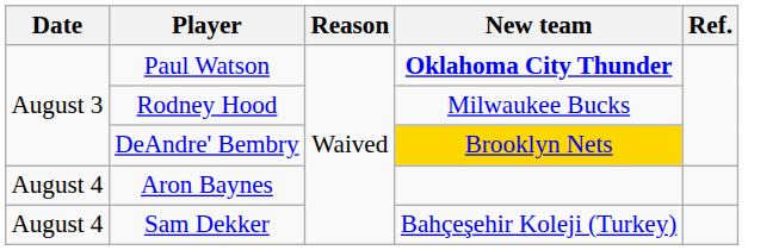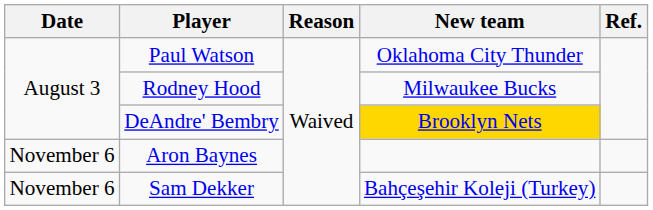 <table class="wikitable sortable sortable" style="text-align: center">
 <tr>
 <th>Date</th>
 <th>Player</th>
 <th>Reason</th>
 <th>New team</th>
 <th>Ref.</th>
 </tr>
 <tr>
 <td rowspan="3">August 3</td>
 <td><a href='#'>Paul Watson</a></td>
 <td rowspan="5">Waived</td>
-<td><strong><a href='#'>Oklahoma City Thunder</a></strong></td>
+<td><a href='#'>Oklahoma City Thunder</a></td>
 <td rowspan="3"></td>
 </tr>
 <tr>
 <td><a href='#'>Rodney Hood</a></td>
 <td><a href='#'>Milwaukee Bucks</a></td>
 </tr>
 <tr>
 <td><a href='#'>DeAndre' Bembry</a></td>
 <td style="background: gold;"><a href='#'>Brooklyn Nets</a></td>
 </tr>
 <tr>
-<td>August 4</td>
+<td>November 6</td>
 <td><a href='#'>Aron Baynes</a></td>
 <td></td>
 <td></td>
 </tr>
 <tr>
-<td>August 4</td>
+<td>November 6</td>
 <td><a href='#'>Sam Dekker</a></td>
 <td><a href='#'>Bahçeşehir Koleji (Turkey)</a></td>
 <td></td>
 </tr>
 </table>
